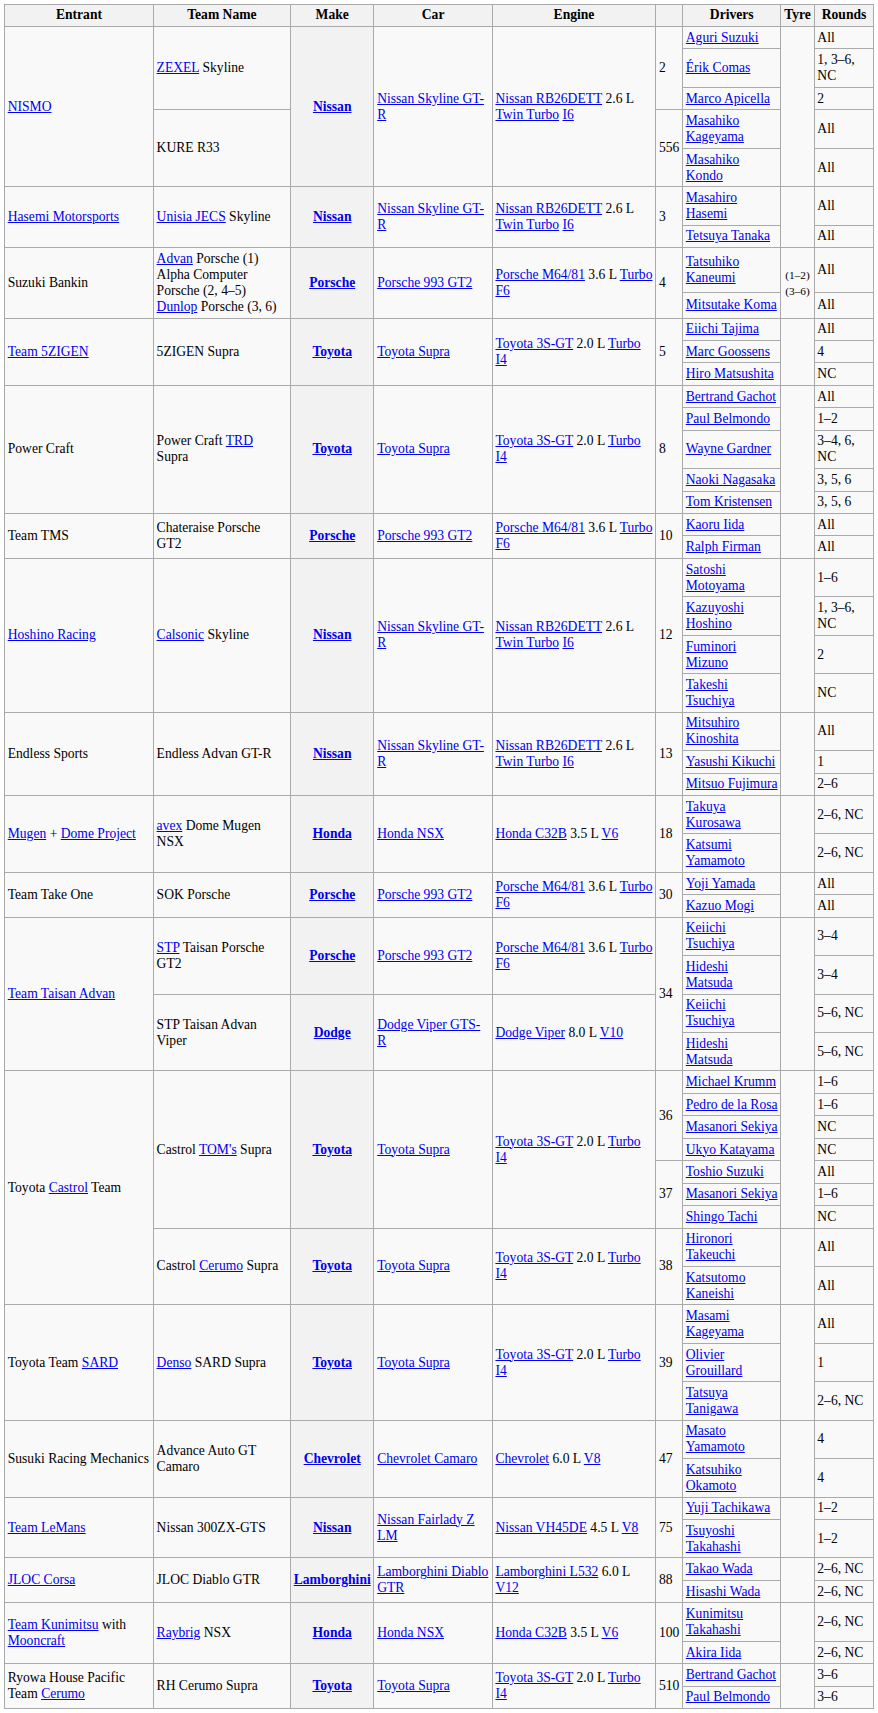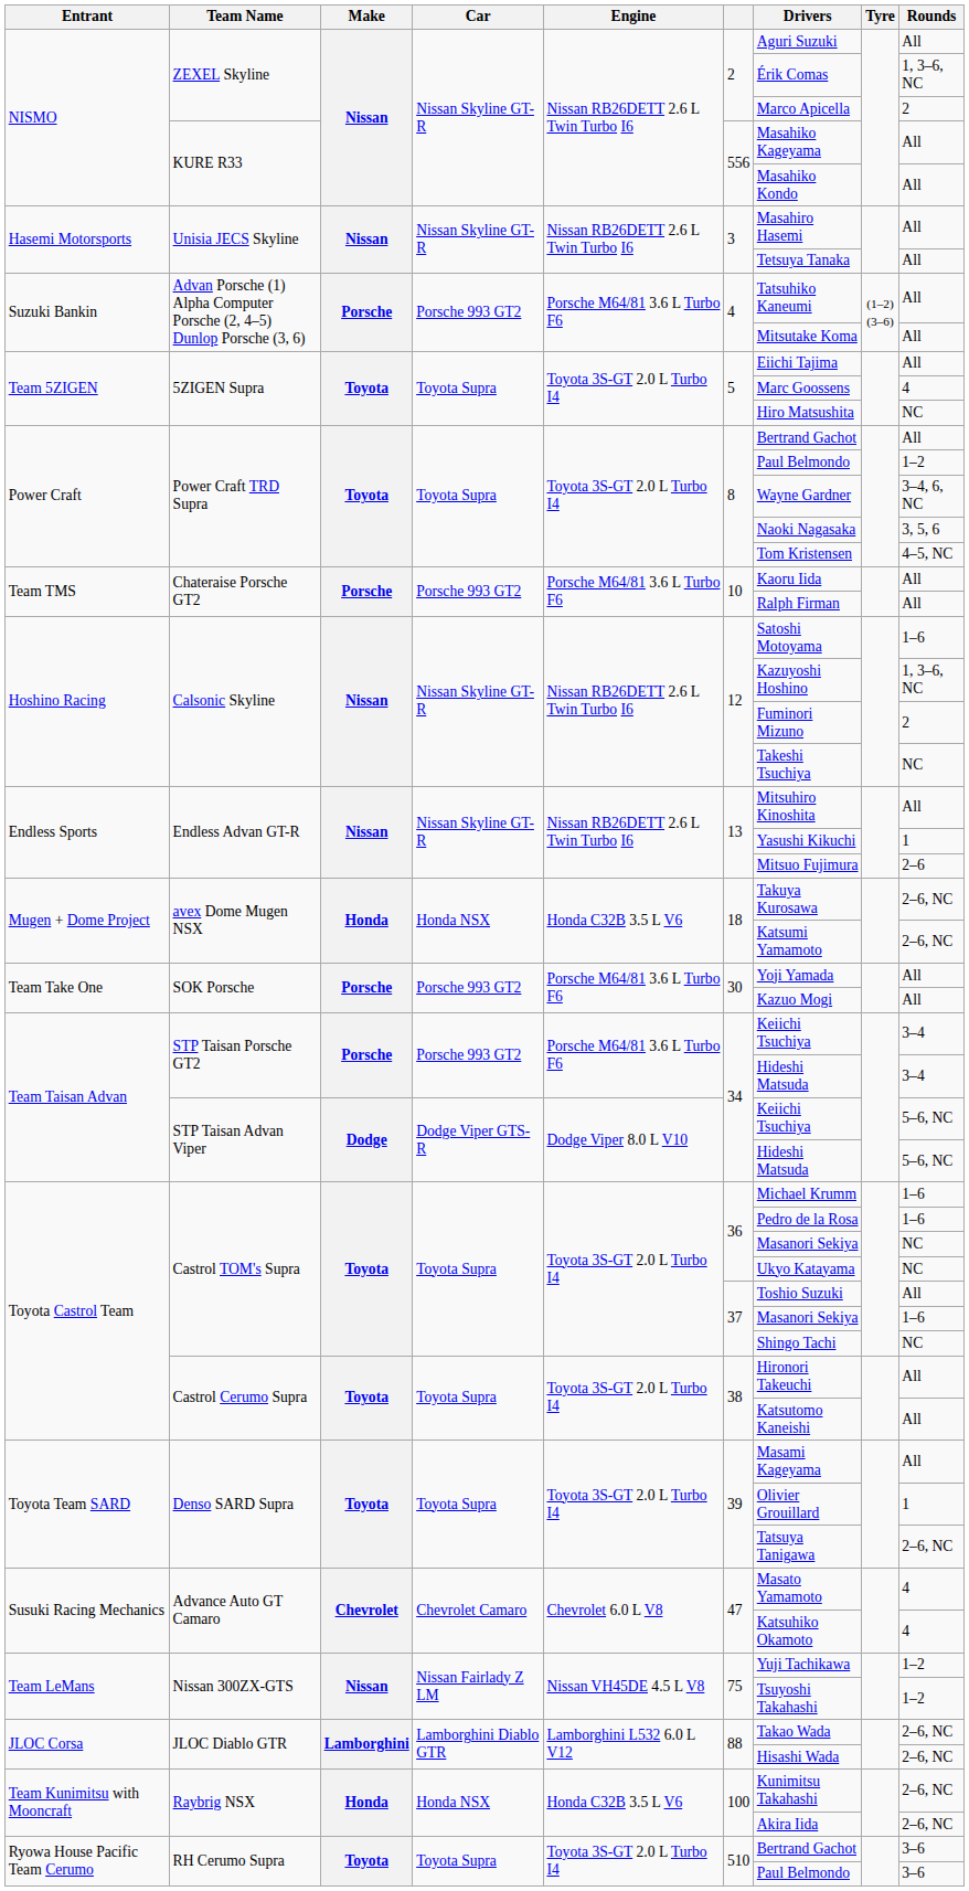 <table class="wikitable" style="font-size: 85%;">
 <tr>
 <th>Entrant</th>
 <th>Team Name</th>
 <th>Make</th>
 <th>Car</th>
 <th>Engine</th>
 <th></th>
 <th>Drivers</th>
 <th>Tyre</th>
 <th>Rounds</th>
 </tr>
 <tr>
 <td rowspan=5><a href='#'>NISMO</a></td>
 <td rowspan="3"><a href='#'>ZEXEL</a> Skyline</td>
 <th rowspan="5"><a href='#'>Nissan</a></th>
 <td rowspan=5><a href='#'>Nissan Skyline GT-R</a></td>
 <td rowspan=5><a href='#'>Nissan RB26DETT</a> 2.6 L <a href='#'>Twin Turbo</a> <a href='#'>I6</a></td>
 <td rowspan=3>2</td>
 <td> <a href='#'>Aguri Suzuki</a></td>
 <td rowspan=5 align="center"></td>
 <td>All</td>
 </tr>
 <tr>
 <td> <a href='#'>Érik Comas</a></td>
 <td>1, 3–6, NC</td>
 </tr>
 <tr>
 <td> <a href='#'>Marco Apicella</a></td>
 <td>2</td>
 </tr>
 <tr>
 <td rowspan="2">KURE R33</td>
 <td rowspan="2">556</td>
 <td> <a href='#'>Masahiko Kageyama</a></td>
 <td>All</td>
 </tr>
 <tr>
 <td> <a href='#'>Masahiko Kondo</a></td>
 <td>All</td>
 </tr>
 <tr>
 <td rowspan=2><a href='#'>Hasemi Motorsports</a></td>
 <td rowspan="2"><a href='#'>Unisia JECS</a> Skyline</td>
 <th rowspan="2"><a href='#'>Nissan</a></th>
 <td rowspan=2><a href='#'>Nissan Skyline GT-R</a></td>
 <td rowspan=2><a href='#'>Nissan RB26DETT</a> 2.6 L <a href='#'>Twin Turbo</a> <a href='#'>I6</a></td>
 <td rowspan=2>3</td>
 <td> <a href='#'>Masahiro Hasemi</a></td>
 <td rowspan=2 align="center"></td>
 <td>All</td>
 </tr>
 <tr>
 <td> <a href='#'>Tetsuya Tanaka</a></td>
 <td>All</td>
 </tr>
 <tr>
 <td rowspan=2>Suzuki Bankin</td>
 <td rowspan="2"><a href='#'>Advan</a> Porsche (1)<br>Alpha Computer Porsche (2, 4–5)<br><a href='#'>Dunlop</a> Porsche (3, 6)</td>
 <th rowspan="2"><a href='#'>Porsche</a></th>
 <td rowspan=2><a href='#'>Porsche 993 GT2</a></td>
 <td rowspan=2><a href='#'>Porsche M64/81</a> 3.6 L <a href='#'>Turbo</a> <a href='#'>F6</a></td>
 <td rowspan=2>4</td>
 <td> <a href='#'>Tatsuhiko Kaneumi</a></td>
 <td rowspan=2 align="center"> <small>(1–2)</small><br> <small>(3–6)</small></td>
 <td>All</td>
 </tr>
 <tr>
 <td> <a href='#'>Mitsutake Koma</a></td>
 <td>All</td>
 </tr>
 <tr>
 <td rowspan=3><a href='#'>Team 5ZIGEN</a></td>
 <td rowspan="3">5ZIGEN Supra</td>
 <th rowspan="3"><a href='#'>Toyota</a></th>
 <td rowspan=3><a href='#'>Toyota Supra</a></td>
 <td rowspan=3><a href='#'>Toyota 3S-GT</a> 2.0 L <a href='#'>Turbo</a> <a href='#'>I4</a></td>
 <td rowspan=3>5</td>
 <td> <a href='#'>Eiichi Tajima</a></td>
 <td rowspan=3 align="center"></td>
 <td>All</td>
 </tr>
 <tr>
 <td> <a href='#'>Marc Goossens</a></td>
 <td>4</td>
 </tr>
 <tr>
 <td> <a href='#'>Hiro Matsushita</a></td>
 <td>NC</td>
 </tr>
 <tr>
 <td rowspan=5>Power Craft</td>
 <td rowspan="5">Power Craft <a href='#'>TRD</a> Supra</td>
 <th rowspan="5"><a href='#'>Toyota</a></th>
 <td rowspan=5><a href='#'>Toyota Supra</a></td>
 <td rowspan=5><a href='#'>Toyota 3S-GT</a> 2.0 L <a href='#'>Turbo</a> <a href='#'>I4</a></td>
 <td rowspan=5>8</td>
 <td> <a href='#'>Bertrand Gachot</a></td>
 <td rowspan=5 align="center"></td>
 <td>All</td>
 </tr>
 <tr>
 <td> <a href='#'>Paul Belmondo</a></td>
 <td>1–2</td>
 </tr>
 <tr>
 <td> <a href='#'>Wayne Gardner</a></td>
 <td>3–4, 6, NC</td>
 </tr>
 <tr>
 <td> <a href='#'>Naoki Nagasaka</a></td>
 <td>3, 5, 6</td>
 </tr>
 <tr>
 <td> <a href='#'>Tom Kristensen</a></td>
-<td>3, 5, 6</td>
+<td>4–5, NC</td>
 </tr>
 <tr>
 <td rowspan=2>Team TMS</td>
 <td rowspan="2">Chateraise Porsche GT2</td>
 <th rowspan="2"><a href='#'>Porsche</a></th>
 <td rowspan=2><a href='#'>Porsche 993 GT2</a></td>
 <td rowspan=2><a href='#'>Porsche M64/81</a> 3.6 L <a href='#'>Turbo</a> <a href='#'>F6</a></td>
 <td rowspan=2>10</td>
 <td> <a href='#'>Kaoru Iida</a></td>
 <td rowspan=2 align="center"></td>
 <td>All</td>
 </tr>
 <tr>
 <td> <a href='#'>Ralph Firman</a></td>
 <td>All</td>
 </tr>
 <tr>
 <td rowspan=4><a href='#'>Hoshino Racing</a></td>
 <td rowspan="4"><a href='#'>Calsonic</a> Skyline</td>
 <th rowspan="4"><a href='#'>Nissan</a></th>
 <td rowspan=4><a href='#'>Nissan Skyline GT-R</a></td>
 <td rowspan=4><a href='#'>Nissan RB26DETT</a> 2.6 L <a href='#'>Twin Turbo</a> <a href='#'>I6</a></td>
 <td rowspan=4>12</td>
 <td> <a href='#'>Satoshi Motoyama</a></td>
 <td rowspan=4 align="center"></td>
 <td>1–6</td>
 </tr>
 <tr>
 <td> <a href='#'>Kazuyoshi Hoshino</a></td>
 <td>1, 3–6, NC</td>
 </tr>
 <tr>
 <td> <a href='#'>Fuminori Mizuno</a></td>
 <td>2</td>
 </tr>
 <tr>
 <td> <a href='#'>Takeshi Tsuchiya</a></td>
 <td>NC</td>
 </tr>
 <tr>
 <td rowspan=3>Endless Sports</td>
 <td rowspan="3">Endless Advan GT-R</td>
 <th rowspan="3"><a href='#'>Nissan</a></th>
 <td rowspan=3><a href='#'>Nissan Skyline GT-R</a></td>
 <td rowspan=3><a href='#'>Nissan RB26DETT</a> 2.6 L <a href='#'>Twin Turbo</a> <a href='#'>I6</a></td>
 <td rowspan=3>13</td>
 <td> <a href='#'>Mitsuhiro Kinoshita</a></td>
 <td rowspan=3 align="center"></td>
 <td>All</td>
 </tr>
 <tr>
 <td> <a href='#'>Yasushi Kikuchi</a></td>
 <td>1</td>
 </tr>
 <tr>
 <td> <a href='#'>Mitsuo Fujimura</a></td>
 <td>2–6</td>
 </tr>
 <tr>
 <td rowspan=2><a href='#'>Mugen</a> + <a href='#'>Dome Project</a></td>
 <td rowspan="2"><a href='#'>avex</a> Dome Mugen NSX</td>
 <th rowspan="2"><a href='#'>Honda</a></th>
 <td rowspan=2><a href='#'>Honda NSX</a></td>
 <td rowspan=2><a href='#'>Honda C32B</a> 3.5 L <a href='#'>V6</a></td>
 <td rowspan=2>18</td>
 <td> <a href='#'>Takuya Kurosawa</a></td>
 <td rowspan=2 align="center"></td>
 <td>2–6, NC</td>
 </tr>
 <tr>
 <td> <a href='#'>Katsumi Yamamoto</a></td>
 <td>2–6, NC</td>
 </tr>
 <tr>
 <td rowspan=2>Team Take One</td>
 <td rowspan="2">SOK Porsche</td>
 <th rowspan="2"><a href='#'>Porsche</a></th>
 <td rowspan=2><a href='#'>Porsche 993 GT2</a></td>
 <td rowspan=2><a href='#'>Porsche M64/81</a> 3.6 L <a href='#'>Turbo</a> <a href='#'>F6</a></td>
 <td rowspan=2>30</td>
 <td> <a href='#'>Yoji Yamada</a></td>
 <td rowspan=2 align="center"></td>
 <td>All</td>
 </tr>
 <tr>
 <td> <a href='#'>Kazuo Mogi</a></td>
 <td>All</td>
 </tr>
 <tr>
 <td rowspan=4><a href='#'>Team Taisan Advan</a></td>
 <td rowspan="2"><a href='#'>STP</a> Taisan Porsche GT2</td>
 <th rowspan="2"><a href='#'>Porsche</a></th>
 <td rowspan=2><a href='#'>Porsche 993 GT2</a></td>
 <td rowspan=2><a href='#'>Porsche M64/81</a> 3.6 L <a href='#'>Turbo</a> <a href='#'>F6</a></td>
 <td rowspan=4>34</td>
 <td> <a href='#'>Keiichi Tsuchiya</a></td>
 <td rowspan=4 align="center"></td>
 <td>3–4</td>
 </tr>
 <tr>
 <td> <a href='#'>Hideshi Matsuda</a></td>
 <td>3–4</td>
 </tr>
 <tr>
 <td rowspan="2">STP Taisan Advan Viper</td>
 <th rowspan="2"><a href='#'>Dodge</a></th>
 <td rowspan="2"><a href='#'>Dodge Viper GTS-R</a></td>
 <td rowspan="2"><a href='#'>Dodge Viper</a> 8.0 L <a href='#'>V10</a></td>
 <td> <a href='#'>Keiichi Tsuchiya</a></td>
 <td>5–6, NC</td>
 </tr>
 <tr>
 <td> <a href='#'>Hideshi Matsuda</a></td>
 <td>5–6, NC</td>
 </tr>
 <tr>
 <td rowspan="9">Toyota <a href='#'>Castrol</a> Team</td>
 <td rowspan="7">Castrol <a href='#'>TOM's</a> Supra</td>
 <th rowspan="7"><a href='#'>Toyota</a></th>
 <td rowspan=7><a href='#'>Toyota Supra</a></td>
 <td rowspan=7><a href='#'>Toyota 3S-GT</a> 2.0 L <a href='#'>Turbo</a> <a href='#'>I4</a></td>
 <td rowspan=4>36</td>
 <td> <a href='#'>Michael Krumm</a></td>
 <td rowspan=7 align="center"></td>
 <td>1–6</td>
 </tr>
 <tr>
 <td> <a href='#'>Pedro de la Rosa</a></td>
 <td>1–6</td>
 </tr>
 <tr>
 <td> <a href='#'>Masanori Sekiya</a></td>
 <td>NC</td>
 </tr>
 <tr>
 <td> <a href='#'>Ukyo Katayama</a></td>
 <td>NC</td>
 </tr>
 <tr>
 <td rowspan=3>37</td>
 <td> <a href='#'>Toshio Suzuki</a></td>
 <td>All</td>
 </tr>
 <tr>
 <td> <a href='#'>Masanori Sekiya</a></td>
 <td>1–6</td>
 </tr>
 <tr>
 <td> <a href='#'>Shingo Tachi</a></td>
 <td>NC</td>
 </tr>
 <tr>
 <td rowspan="2">Castrol <a href='#'>Cerumo</a> Supra</td>
 <th rowspan="2"><a href='#'>Toyota</a></th>
 <td rowspan="2"><a href='#'>Toyota Supra</a></td>
 <td rowspan="2"><a href='#'>Toyota 3S-GT</a> 2.0 L <a href='#'>Turbo</a> <a href='#'>I4</a></td>
 <td rowspan=2>38</td>
 <td> <a href='#'>Hironori Takeuchi</a></td>
 <td rowspan="2" align="center"></td>
 <td>All</td>
 </tr>
 <tr>
 <td> <a href='#'>Katsutomo Kaneishi</a></td>
 <td>All</td>
 </tr>
 <tr>
 <td rowspan="3">Toyota Team <a href='#'>SARD</a></td>
 <td rowspan="3"><a href='#'>Denso</a> SARD Supra</td>
 <th rowspan="3"><a href='#'>Toyota</a></th>
 <td rowspan="3"><a href='#'>Toyota Supra</a></td>
 <td rowspan="3"><a href='#'>Toyota 3S-GT</a> 2.0 L <a href='#'>Turbo</a> <a href='#'>I4</a></td>
 <td rowspan="3">39</td>
 <td> <a href='#'>Masami Kageyama</a></td>
 <td rowspan="3" align="center"></td>
 <td>All</td>
 </tr>
 <tr>
 <td> <a href='#'>Olivier Grouillard</a></td>
 <td>1</td>
 </tr>
 <tr>
 <td> <a href='#'>Tatsuya Tanigawa</a></td>
 <td>2–6, NC</td>
 </tr>
 <tr>
 <td rowspan="2">Susuki Racing Mechanics</td>
 <td rowspan="2">Advance Auto GT Camaro</td>
 <th rowspan="2"><a href='#'>Chevrolet</a></th>
 <td rowspan="2"><a href='#'>Chevrolet Camaro</a></td>
 <td rowspan="2"><a href='#'>Chevrolet</a> 6.0 L <a href='#'>V8</a></td>
 <td rowspan="2">47</td>
 <td> <a href='#'>Masato Yamamoto</a></td>
 <td rowspan="2" align="center"></td>
 <td>4</td>
 </tr>
 <tr>
 <td> <a href='#'>Katsuhiko Okamoto</a></td>
 <td>4</td>
 </tr>
 <tr>
 <td rowspan="2"><a href='#'>Team LeMans</a></td>
 <td rowspan="2">Nissan 300ZX-GTS</td>
 <th rowspan="2"><a href='#'>Nissan</a></th>
 <td rowspan="2"><a href='#'>Nissan Fairlady Z LM</a></td>
 <td rowspan="2"><a href='#'>Nissan VH45DE</a> 4.5 L <a href='#'>V8</a></td>
 <td rowspan="2">75</td>
 <td> <a href='#'>Yuji Tachikawa</a></td>
 <td rowspan="2" align="center"></td>
 <td>1–2</td>
 </tr>
 <tr>
 <td> <a href='#'>Tsuyoshi Takahashi</a></td>
 <td>1–2</td>
 </tr>
 <tr>
 <td rowspan="2"><a href='#'>JLOC Corsa</a></td>
 <td rowspan="2">JLOC Diablo GTR</td>
 <th rowspan="2"><a href='#'>Lamborghini</a></th>
 <td rowspan="2"><a href='#'>Lamborghini Diablo GTR</a></td>
 <td rowspan="2"><a href='#'>Lamborghini L532</a> 6.0 L <a href='#'>V12</a></td>
 <td rowspan="2">88</td>
 <td> <a href='#'>Takao Wada</a></td>
 <td rowspan="2" align="center"></td>
 <td>2–6, NC</td>
 </tr>
 <tr>
 <td> <a href='#'>Hisashi Wada</a></td>
 <td>2–6, NC</td>
 </tr>
 <tr>
 <td rowspan="2"><a href='#'>Team Kunimitsu</a> with <a href='#'>Mooncraft</a></td>
 <td rowspan="2"><a href='#'>Raybrig</a> NSX</td>
 <th rowspan="2"><a href='#'>Honda</a></th>
 <td rowspan="2"><a href='#'>Honda NSX</a></td>
 <td rowspan="2"><a href='#'>Honda C32B</a> 3.5 L <a href='#'>V6</a></td>
 <td rowspan="2">100</td>
 <td> <a href='#'>Kunimitsu Takahashi</a></td>
 <td rowspan="2" align="center"></td>
 <td>2–6, NC</td>
 </tr>
 <tr>
 <td> <a href='#'>Akira Iida</a></td>
 <td>2–6, NC</td>
 </tr>
 <tr>
 <td rowspan="2">Ryowa House Pacific Team <a href='#'>Cerumo</a></td>
 <td rowspan="2">RH Cerumo Supra</td>
 <th rowspan="2"><a href='#'>Toyota</a></th>
 <td rowspan="2"><a href='#'>Toyota Supra</a></td>
 <td rowspan="2"><a href='#'>Toyota 3S-GT</a> 2.0 L <a href='#'>Turbo</a> <a href='#'>I4</a></td>
 <td rowspan="2">510</td>
 <td> <a href='#'>Bertrand Gachot</a></td>
 <td rowspan="2" align="center"></td>
 <td>3–6</td>
 </tr>
 <tr>
 <td> <a href='#'>Paul Belmondo</a></td>
 <td>3–6</td>
 </tr>
 <tr>
 </tr>
 </table>
